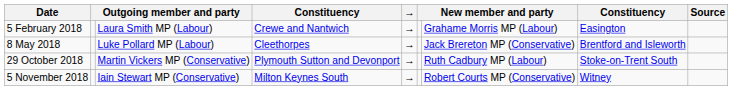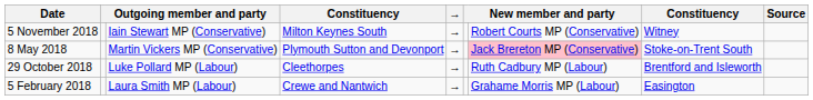 <table class="wikitable">
 <tr>
 <th valign="top">Date</th>
 <th colspan="2" valign="top">Outgoing member and party</th>
 <th valign="top">Constituency</th>
 <th>→</th>
 <th colspan="2" valign="top">New member and party</th>
 <th valign="top">Constituency</th>
 <th valign="top">Source</th>
+</tr>
+<tr>
+<td>5 November 2018</td>
+<td style="color:inherit;background:"></td>
+<td><a href='#'>Iain Stewart</a> MP (<a href='#'>Conservative</a>)</td>
+<td><a href='#'>Milton Keynes South</a></td>
+<td>→</td>
+<td style="color:inherit;background:"></td>
+<td><a href='#'>Robert Courts</a> MP (<a href='#'>Conservative</a>)</td>
+<td><a href='#'>Witney</a></td>
+<td></td>
+</tr>
+<tr>
+<td>8 May 2018</td>
+<td style="color:inherit;background:"></td>
+<td><a href='#'>Martin Vickers</a> MP (<a href='#'>Conservative</a>)</td>
+<td><a href='#'>Plymouth Sutton and Devonport</a></td>
+<td>→</td>
+<td style="color:inherit;background:"></td>
+<td style="background: pink;"><a href='#'>Jack Brereton</a> MP (<a href='#'>Conservative</a>)</td>
+<td><a href='#'>Stoke-on-Trent South</a></td>
+<td></td>
+</tr>
+<tr>
+<td>29 October 2018</td>
+<td style="color:inherit;background:"></td>
+<td><a href='#'>Luke Pollard</a> MP (<a href='#'>Labour</a>)</td>
+<td><a href='#'>Cleethorpes</a></td>
+<td>→</td>
+<td style="color:inherit;background:"></td>
+<td><a href='#'>Ruth Cadbury</a> MP (<a href='#'>Labour</a>)</td>
+<td><a href='#'>Brentford and Isleworth</a></td>
+<td></td>
 </tr>
 <tr>
 <td>5 February 2018</td>
 <td style="color:inherit;background:"></td>
 <td><a href='#'>Laura Smith</a> MP (<a href='#'>Labour</a>)</td>
 <td><a href='#'>Crewe and Nantwich</a></td>
 <td>→</td>
 <td style="color:inherit;background:"></td>
 <td><a href='#'>Grahame Morris</a> MP (<a href='#'>Labour</a>)</td>
 <td><a href='#'>Easington</a></td>
 <td></td>
 </tr>
-<tr>
-<td>8 May 2018</td>
-<td style="color:inherit;background:"></td>
-<td><a href='#'>Luke Pollard</a> MP (<a href='#'>Labour</a>)</td>
-<td><a href='#'>Cleethorpes</a></td>
-<td>→</td>
-<td style="color:inherit;background:"></td>
-<td><a href='#'>Jack Brereton</a> MP (<a href='#'>Conservative</a>)</td>
-<td><a href='#'>Brentford and Isleworth</a></td>
-<td></td>
-</tr>
-<tr>
-<td>29 October 2018</td>
-<td style="color:inherit;background:"></td>
-<td><a href='#'>Martin Vickers</a> MP (<a href='#'>Conservative</a>)</td>
-<td><a href='#'>Plymouth Sutton and Devonport</a></td>
-<td>→</td>
-<td style="color:inherit;background:"></td>
-<td><a href='#'>Ruth Cadbury</a> MP (<a href='#'>Labour</a>)</td>
-<td><a href='#'>Stoke-on-Trent South</a></td>
-<td></td>
-</tr>
-<tr>
-<td>5 November 2018</td>
-<td style="color:inherit;background:"></td>
-<td><a href='#'>Iain Stewart</a> MP (<a href='#'>Conservative</a>)</td>
-<td><a href='#'>Milton Keynes South</a></td>
-<td>→</td>
-<td style="color:inherit;background:"></td>
-<td><a href='#'>Robert Courts</a> MP (<a href='#'>Conservative</a>)</td>
-<td><a href='#'>Witney</a></td>
-<td></td>
-</tr>
 </table>
